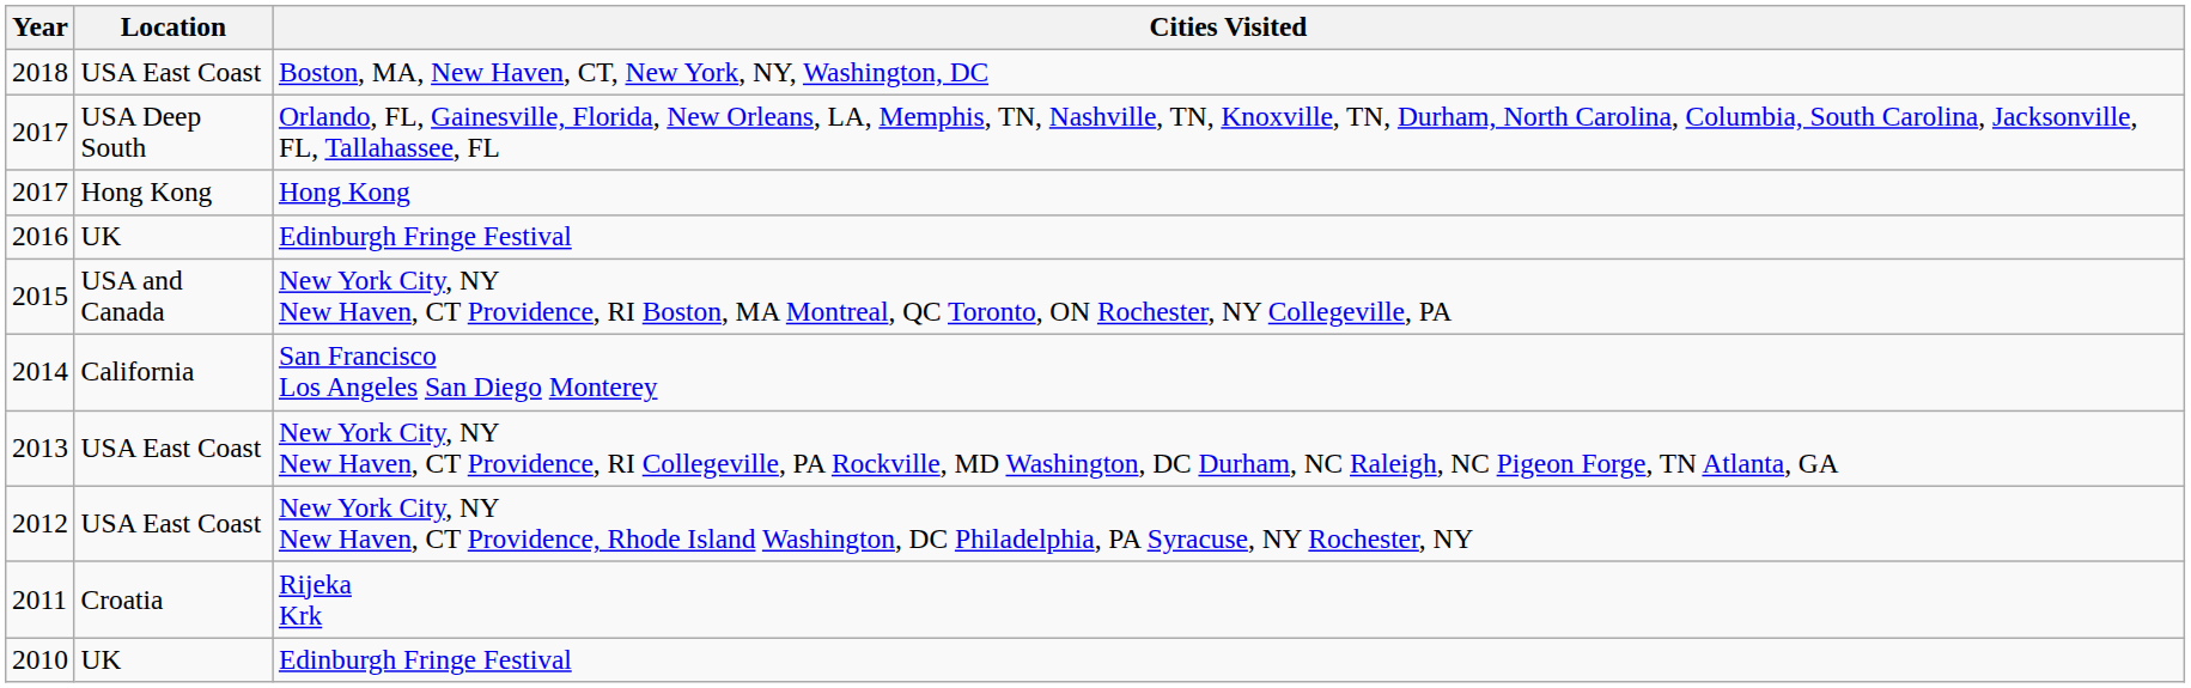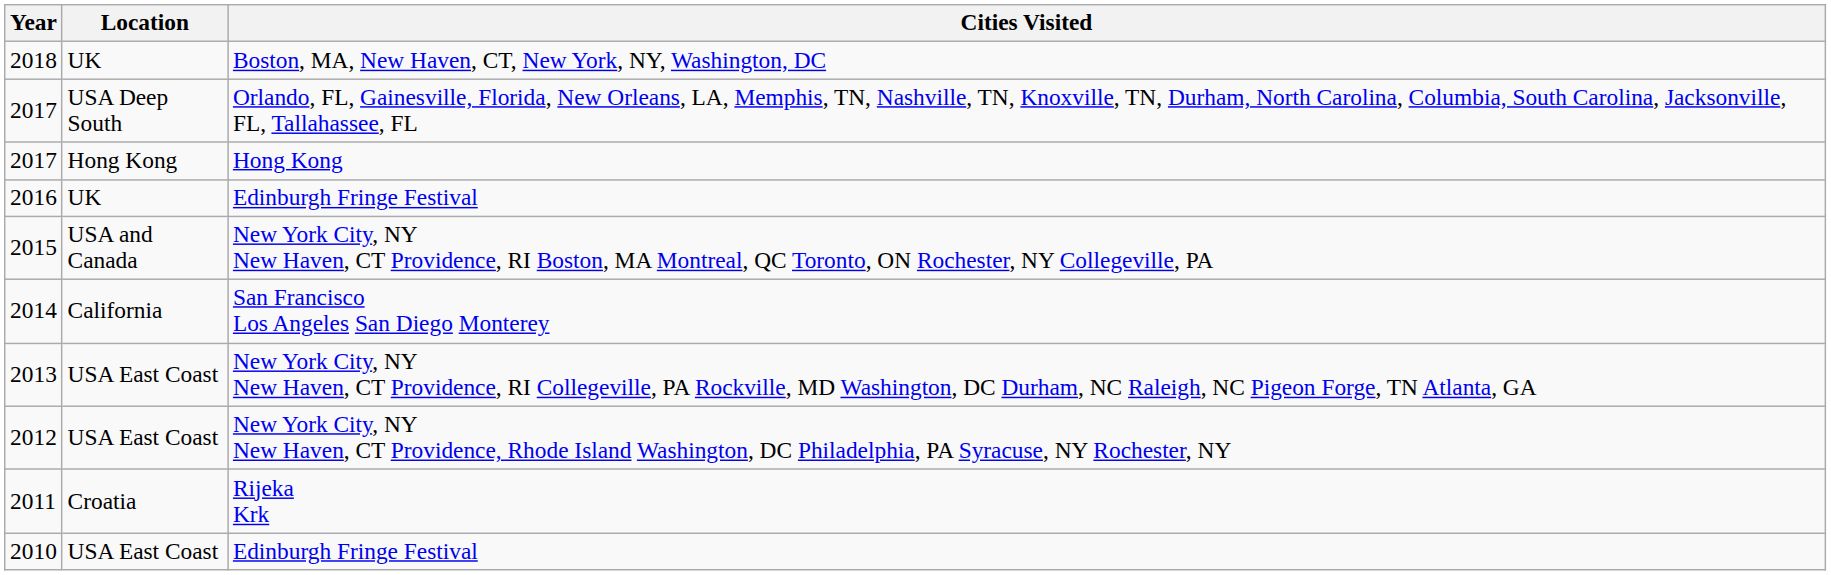 <table class="wikitable">
 <tr>
 <th>Year</th>
 <th>Location</th>
 <th>Cities Visited</th>
 </tr>
 <tr>
 <td>2018</td>
-<td>USA East Coast</td>
+<td>UK</td>
 <td><a href='#'>Boston</a>, MA, <a href='#'>New Haven</a>, CT, <a href='#'>New York</a>, NY, <a href='#'>Washington, DC</a></td>
 </tr>
 <tr>
 <td>2017</td>
 <td>USA Deep South</td>
 <td><a href='#'>Orlando</a>, FL, <a href='#'>Gainesville, Florida</a>, <a href='#'>New Orleans</a>, LA, <a href='#'>Memphis</a>, TN, <a href='#'>Nashville</a>, TN, <a href='#'>Knoxville</a>, TN, <a href='#'>Durham, North Carolina</a>, <a href='#'>Columbia, South Carolina</a>, <a href='#'>Jacksonville</a>, FL, <a href='#'>Tallahassee</a>, FL</td>
 </tr>
 <tr>
 <td>2017</td>
 <td>Hong Kong</td>
 <td><a href='#'>Hong Kong</a></td>
 </tr>
 <tr>
 <td>2016</td>
 <td>UK</td>
 <td><a href='#'>Edinburgh Fringe Festival</a></td>
 </tr>
 <tr>
 <td>2015</td>
 <td>USA and Canada</td>
 <td><a href='#'>New York City</a>, NY<br><a href='#'>New Haven</a>, CT <a href='#'>Providence</a>, RI <a href='#'>Boston</a>, MA <a href='#'>Montreal</a>, QC <a href='#'>Toronto</a>, ON <a href='#'>Rochester</a>, NY <a href='#'>Collegeville</a>, PA</td>
 </tr>
 <tr>
 <td>2014</td>
 <td>California</td>
 <td><a href='#'>San Francisco</a><br><a href='#'>Los Angeles</a> <a href='#'>San Diego</a> <a href='#'>Monterey</a></td>
 </tr>
 <tr>
 <td>2013</td>
 <td>USA East Coast</td>
 <td><a href='#'>New York City</a>, NY<br><a href='#'>New Haven</a>, CT <a href='#'>Providence</a>, RI <a href='#'>Collegeville</a>, PA <a href='#'>Rockville</a>, MD <a href='#'>Washington</a>, DC <a href='#'>Durham</a>, NC <a href='#'>Raleigh</a>, NC <a href='#'>Pigeon Forge</a>, TN <a href='#'>Atlanta</a>, GA</td>
 </tr>
 <tr>
 <td>2012</td>
 <td>USA East Coast</td>
 <td><a href='#'>New York City</a>, NY<br><a href='#'>New Haven</a>, CT <a href='#'>Providence, Rhode Island</a> <a href='#'>Washington</a>, DC <a href='#'>Philadelphia</a>, PA <a href='#'>Syracuse</a>, NY <a href='#'>Rochester</a>, NY</td>
 </tr>
 <tr>
 <td>2011</td>
 <td>Croatia</td>
 <td><a href='#'>Rijeka</a><br><a href='#'>Krk</a></td>
 </tr>
 <tr>
 <td>2010</td>
-<td>UK</td>
+<td>USA East Coast</td>
 <td><a href='#'>Edinburgh Fringe Festival</a></td>
 </tr>
 </table>
